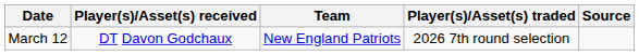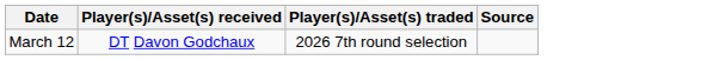 <table class="wikitable" style="text-align:center">
 <tr>
 <th>Date</th>
 <th>Player(s)/Asset(s) received</th>
-<th>Team</th>
 <th>Player(s)/Asset(s) traded</th>
 <th>Source</th>
 </tr>
 <tr>
 <td>March 12</td>
 <td><a href='#'>DT</a> <a href='#'>Davon Godchaux</a></td>
-<td><a href='#'>New England Patriots</a></td>
 <td>2026 7th round selection</td>
 <td></td>
 </tr>
 </table>
